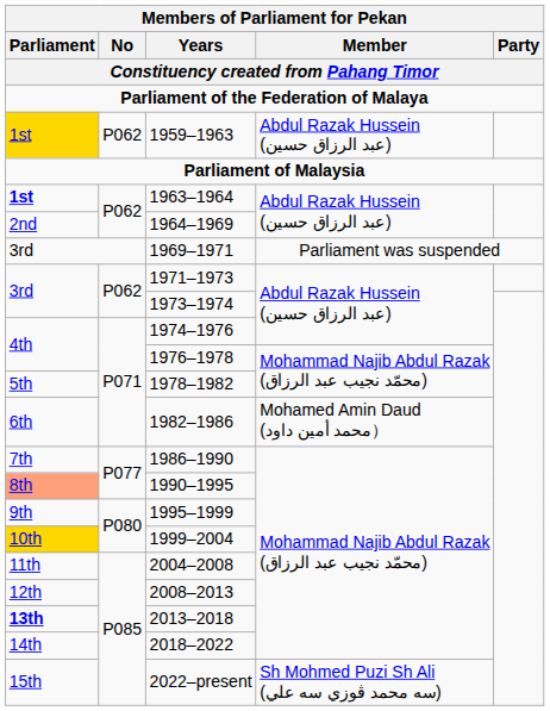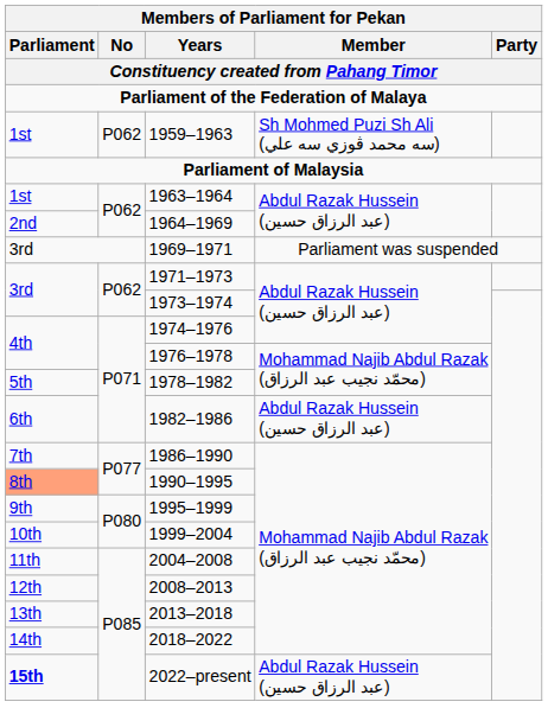 <table class=wikitable>
 <tr>
 <th colspan="5">Members of Parliament for Pekan</th>
 </tr>
 <tr>
 <th>Parliament</th>
 <th>No</th>
 <th>Years</th>
 <th>Member</th>
 <th>Party</th>
 </tr>
 <tr>
 <th colspan="5" align="center"><em>Constituency created from <a href='#'>Pahang Timor</a></em></th>
 </tr>
 <tr>
 <td colspan="5" align="center"><strong>Parliament of the Federation of Malaya</strong></td>
 </tr>
 <tr>
-<td style="background: gold;"><a href='#'>1st</a></td>
+<td><a href='#'>1st</a></td>
 <td>P062</td>
 <td>1959–1963</td>
-<td><a href='#'>Abdul Razak Hussein</a> <br> (عبد الرزاق حسين)</td>
+<td><a href='#'>Sh Mohmed Puzi Sh Ali</a>  <br>(سه محمد ڤوزي سه علي)</td>
 <td></td>
 </tr>
 <tr>
 <td colspan="5" align="center"><strong>Parliament of Malaysia</strong></td>
 </tr>
 <tr>
-<td><strong><a href='#'>1st</a></strong></td>
+<td><a href='#'>1st</a></td>
 <td rowspan="2">P062</td>
 <td>1963–1964</td>
 <td rowspan=2><a href='#'>Abdul Razak Hussein</a> <br> (عبد الرزاق حسين)</td>
 <td rowspan="2"></td>
 </tr>
 <tr>
 <td><a href='#'>2nd</a></td>
 <td>1964–1969</td>
 </tr>
 <tr>
 <td colspan="2">3rd</td>
 <td>1969–1971</td>
 <td colspan=2 align=center>Parliament was suspended</td>
 </tr>
 <tr>
 <td rowspan=2><a href='#'>3rd</a></td>
 <td rowspan="2">P062</td>
 <td>1971–1973</td>
 <td rowspan=3><a href='#'>Abdul Razak Hussein</a> <br> (عبد الرزاق حسين)</td>
 <td></td>
 </tr>
 <tr>
 <td>1973–1974</td>
 <td rowspan="14"></td>
 </tr>
 <tr>
 <td rowspan=2><a href='#'>4th</a></td>
 <td rowspan="4">P071</td>
 <td>1974–1976</td>
 </tr>
 <tr>
 <td>1976–1978</td>
 <td rowspan=2><a href='#'>Mohammad Najib Abdul Razak</a>  <br>(محمّد نجيب عبد الرزاق)</td>
 </tr>
 <tr>
 <td><a href='#'>5th</a></td>
 <td>1978–1982</td>
 </tr>
 <tr>
 <td><a href='#'>6th</a></td>
 <td>1982–1986</td>
-<td>Mohamed Amin Daud  <br>(محمد أمين داود）</td>
+<td><a href='#'>Abdul Razak Hussein</a> <br> (عبد الرزاق حسين)</td>
 </tr>
 <tr>
 <td><a href='#'>7th</a></td>
 <td rowspan="2">P077</td>
 <td>1986–1990</td>
 <td rowspan="8"><a href='#'>Mohammad Najib Abdul Razak</a>  <br>(محمّد نجيب عبد الرزاق)</td>
 </tr>
 <tr>
 <td style="background: lightsalmon;"><a href='#'>8th</a></td>
 <td>1990–1995</td>
 </tr>
 <tr>
 <td><a href='#'>9th</a></td>
 <td rowspan="2">P080</td>
 <td>1995–1999</td>
 </tr>
 <tr>
-<td style="background: gold;"><a href='#'>10th</a></td>
+<td><a href='#'>10th</a></td>
 <td>1999–2004</td>
 </tr>
 <tr>
 <td><a href='#'>11th</a></td>
 <td rowspan="5">P085</td>
 <td>2004–2008</td>
 </tr>
 <tr>
 <td><a href='#'>12th</a></td>
 <td>2008–2013</td>
 </tr>
 <tr>
-<td><strong><a href='#'>13th</a></strong></td>
+<td><a href='#'>13th</a></td>
 <td>2013–2018</td>
 </tr>
 <tr>
 <td><a href='#'>14th</a></td>
 <td>2018–2022</td>
 </tr>
 <tr>
-<td><a href='#'>15th</a></td>
+<td><strong><a href='#'>15th</a></strong></td>
 <td>2022–present</td>
-<td><a href='#'>Sh Mohmed Puzi Sh Ali</a>  <br>(سه محمد ڤوزي سه علي)</td>
+<td><a href='#'>Abdul Razak Hussein</a> <br> (عبد الرزاق حسين)</td>
 </tr>
 </table>
